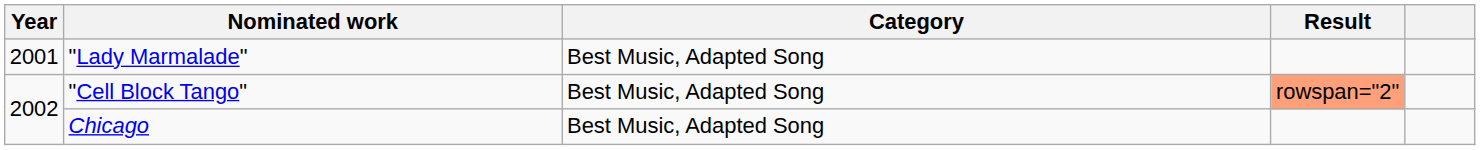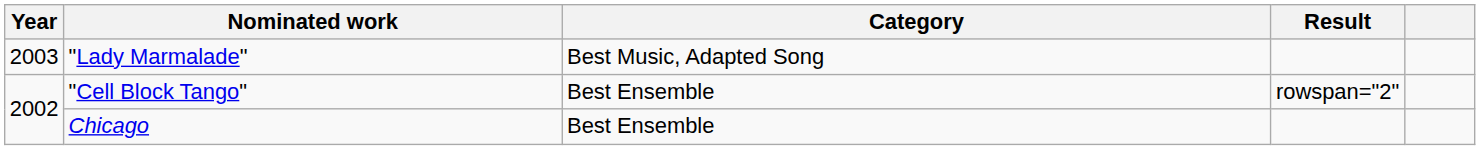 <table class="wikitable plainrowheaders" style="width:85%;">
 <tr>
 <th scope="col" style="width:4%;">Year</th>
 <th scope="col" style="width:35%;">Nominated work</th>
 <th scope="col" style="width:50%;">Category</th>
 <th scope="col" style="width:6%;">Result</th>
 <th scope="col" style="width:6%;"></th>
 </tr>
 <tr>
-<td align="center">2001</td>
+<td align="center">2003</td>
 <td>"<a href='#'>Lady Marmalade</a>"</td>
 <td>Best Music, Adapted Song</td>
 <td></td>
 <td></td>
 </tr>
 <tr>
 <td rowspan="2" align="center">2002</td>
 <td>"<a href='#'>Cell Block Tango</a>"</td>
-<td>Best Music, Adapted Song</td>
-<td style="background: lightsalmon;">rowspan="2" </td>
+<td>Best Ensemble</td>
+<td>rowspan="2" </td>
 <td></td>
 </tr>
 <tr>
 <td><em><a href='#'>Chicago</a></em></td>
-<td>Best Music, Adapted Song</td>
+<td>Best Ensemble</td>
 <td></td>
 </tr>
 </table>
